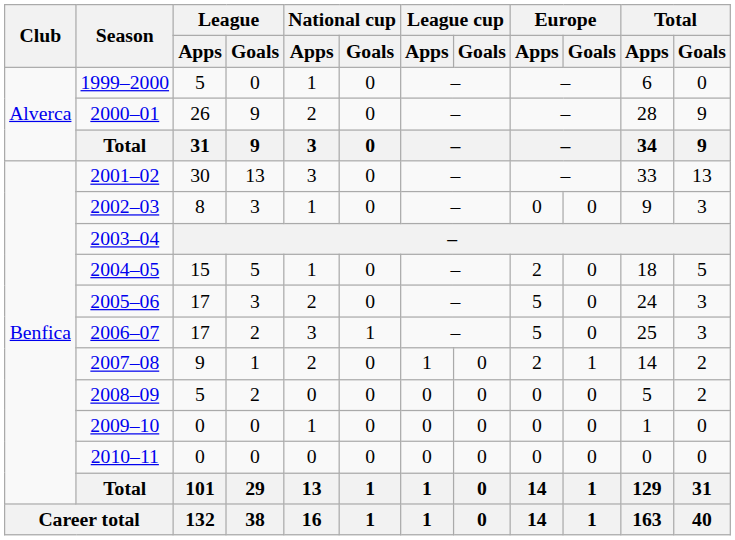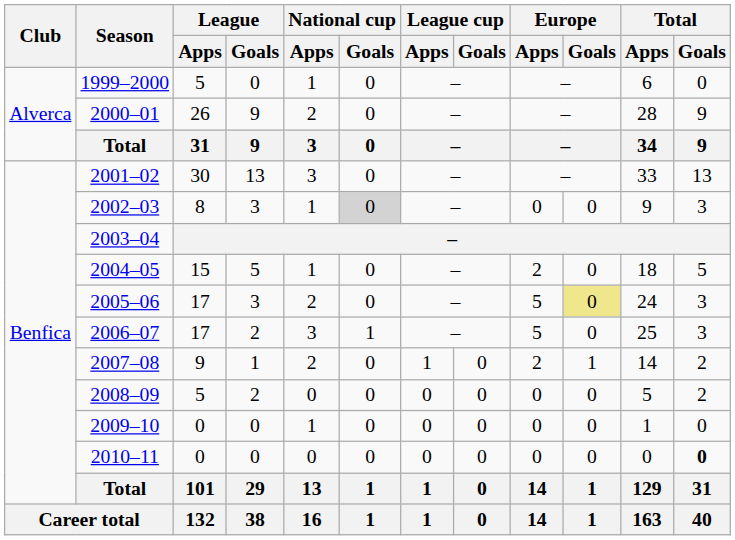 <table class="wikitable" style="text-align:center">
 <tr>
 <th rowspan="2">Club</th>
 <th rowspan="2">Season</th>
 <th colspan="2">League</th>
 <th colspan="2">National cup</th>
 <th colspan="2">League cup</th>
 <th colspan="2">Europe</th>
 <th colspan="2">Total</th>
 </tr>
 <tr>
 <th>Apps</th>
 <th>Goals</th>
 <th>Apps</th>
 <th>Goals</th>
 <th>Apps</th>
 <th>Goals</th>
 <th>Apps</th>
 <th>Goals</th>
 <th>Apps</th>
 <th>Goals</th>
 </tr>
 <tr>
 <td rowspan="3"><a href='#'>Alverca</a></td>
 <td><a href='#'>1999–2000</a></td>
 <td>5</td>
 <td>0</td>
 <td>1</td>
 <td>0</td>
 <td colspan="2">–</td>
 <td colspan="2">–</td>
 <td>6</td>
 <td>0</td>
 </tr>
 <tr>
 <td><a href='#'>2000–01</a></td>
 <td>26</td>
 <td>9</td>
 <td>2</td>
 <td>0</td>
 <td colspan="2">–</td>
 <td colspan="2">–</td>
 <td>28</td>
 <td>9</td>
 </tr>
 <tr>
 <th colspan="1">Total</th>
 <th>31</th>
 <th>9</th>
 <th>3</th>
 <th>0</th>
 <th colspan="2">–</th>
 <th colspan="2">–</th>
 <th>34</th>
 <th>9</th>
 </tr>
 <tr>
 <td rowspan="11"><a href='#'>Benfica</a></td>
 <td><a href='#'>2001–02</a></td>
 <td>30</td>
 <td>13</td>
 <td>3</td>
 <td>0</td>
 <td colspan="2">–</td>
 <td colspan="2">–</td>
 <td>33</td>
 <td>13</td>
 </tr>
 <tr>
 <td><a href='#'>2002–03</a></td>
 <td>8</td>
 <td>3</td>
 <td>1</td>
-<td>0</td>
+<td style="background: lightgrey;">0</td>
 <td colspan="2">–</td>
 <td>0</td>
 <td>0</td>
 <td>9</td>
 <td>3</td>
 </tr>
 <tr>
 <td><a href='#'>2003–04</a></td>
 <th colspan="10">–</th>
 </tr>
 <tr>
 <td><a href='#'>2004–05</a></td>
 <td>15</td>
 <td>5</td>
 <td>1</td>
 <td>0</td>
 <td colspan="2">–</td>
 <td>2</td>
 <td>0</td>
 <td>18</td>
 <td>5</td>
 </tr>
 <tr>
 <td><a href='#'>2005–06</a></td>
 <td>17</td>
 <td>3</td>
 <td>2</td>
 <td>0</td>
 <td colspan="2">–</td>
 <td>5</td>
-<td>0</td>
+<td style="background: khaki;">0</td>
 <td>24</td>
 <td>3</td>
 </tr>
 <tr>
 <td><a href='#'>2006–07</a></td>
 <td>17</td>
 <td>2</td>
 <td>3</td>
 <td>1</td>
 <td colspan="2">–</td>
 <td>5</td>
 <td>0</td>
 <td>25</td>
 <td>3</td>
 </tr>
 <tr>
 <td><a href='#'>2007–08</a></td>
 <td>9</td>
 <td>1</td>
 <td>2</td>
 <td>0</td>
 <td>1</td>
 <td>0</td>
 <td>2</td>
 <td>1</td>
 <td>14</td>
 <td>2</td>
 </tr>
 <tr>
 <td><a href='#'>2008–09</a></td>
 <td>5</td>
 <td>2</td>
 <td>0</td>
 <td>0</td>
 <td>0</td>
 <td>0</td>
 <td>0</td>
 <td>0</td>
 <td>5</td>
 <td>2</td>
 </tr>
 <tr>
 <td><a href='#'>2009–10</a></td>
 <td>0</td>
 <td>0</td>
 <td>1</td>
 <td>0</td>
 <td>0</td>
 <td>0</td>
 <td>0</td>
 <td>0</td>
 <td>1</td>
 <td>0</td>
 </tr>
 <tr>
 <td><a href='#'>2010–11</a></td>
 <td>0</td>
 <td>0</td>
 <td>0</td>
 <td>0</td>
 <td>0</td>
 <td>0</td>
 <td>0</td>
 <td>0</td>
 <td>0</td>
-<td>0</td>
+<td><strong>0</strong></td>
 </tr>
 <tr>
 <th colspan="1">Total</th>
 <th>101</th>
 <th>29</th>
 <th>13</th>
 <th>1</th>
 <th>1</th>
 <th>0</th>
 <th>14</th>
 <th>1</th>
 <th>129</th>
 <th>31</th>
 </tr>
 <tr>
 <th colspan="2">Career total</th>
 <th>132</th>
 <th>38</th>
 <th>16</th>
 <th>1</th>
 <th>1</th>
 <th>0</th>
 <th>14</th>
 <th>1</th>
 <th>163</th>
 <th>40</th>
 </tr>
 </table>
